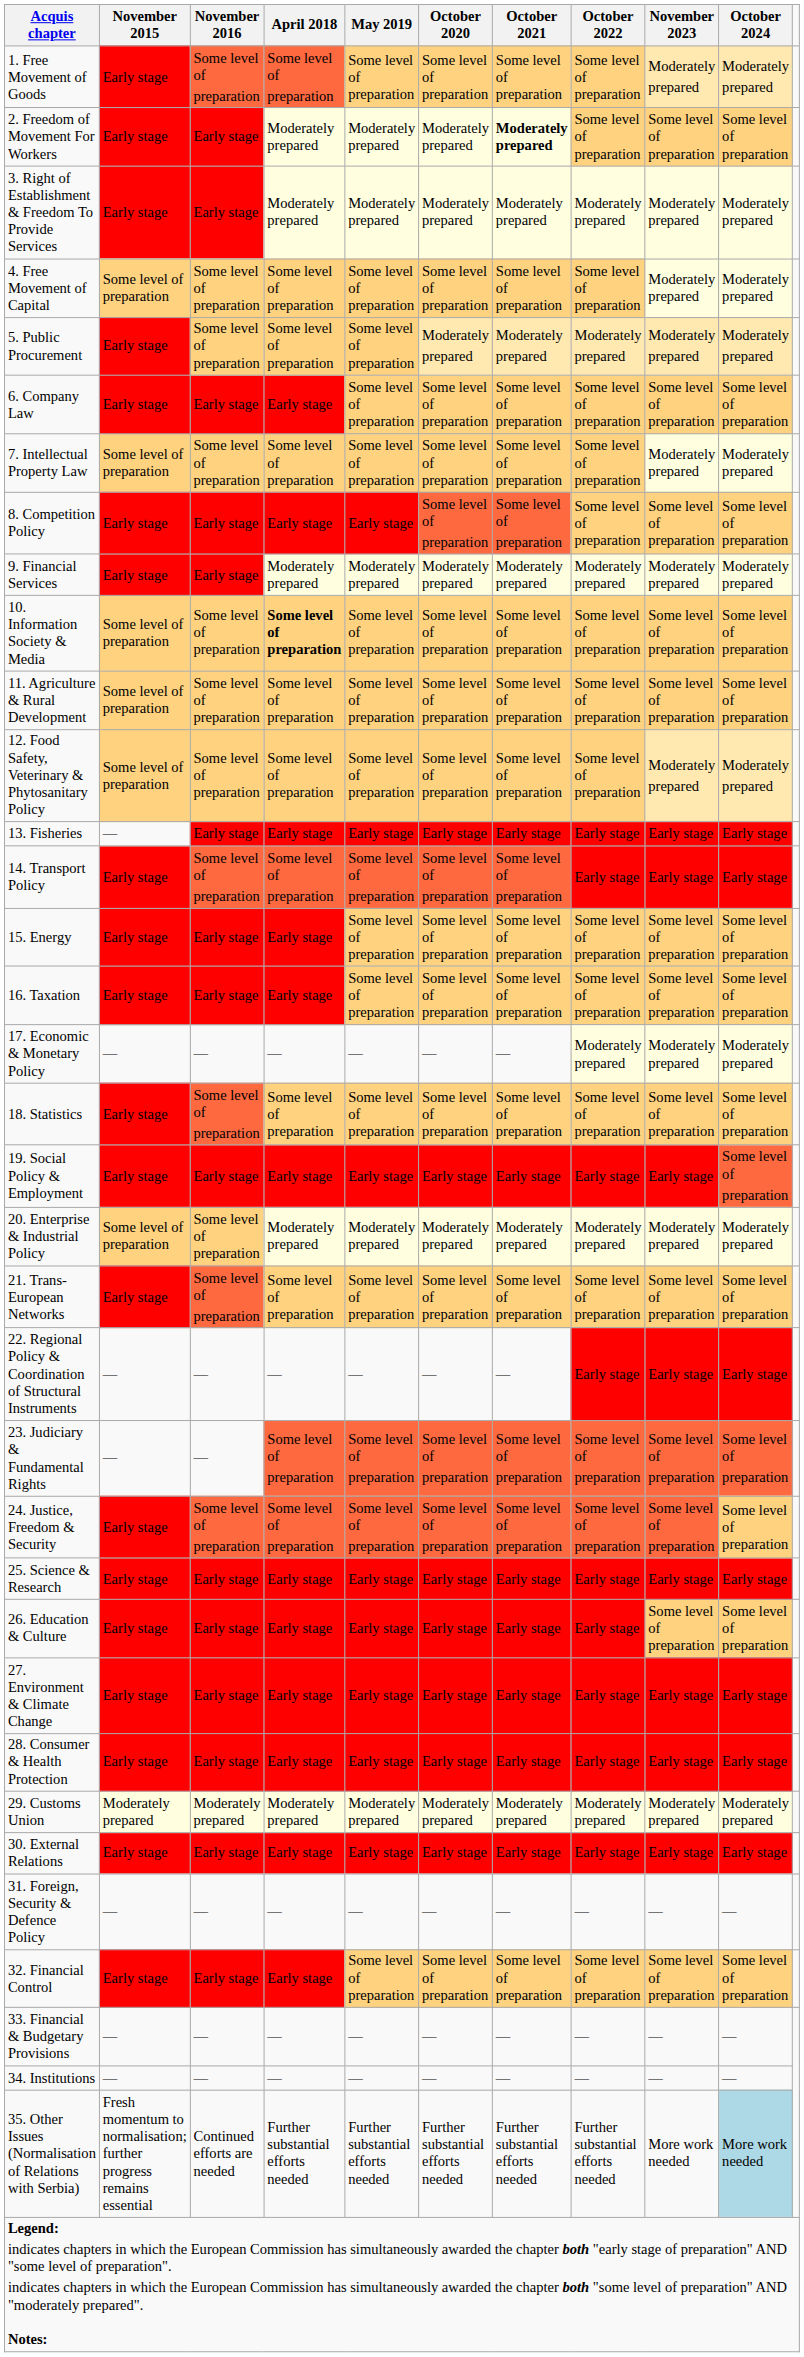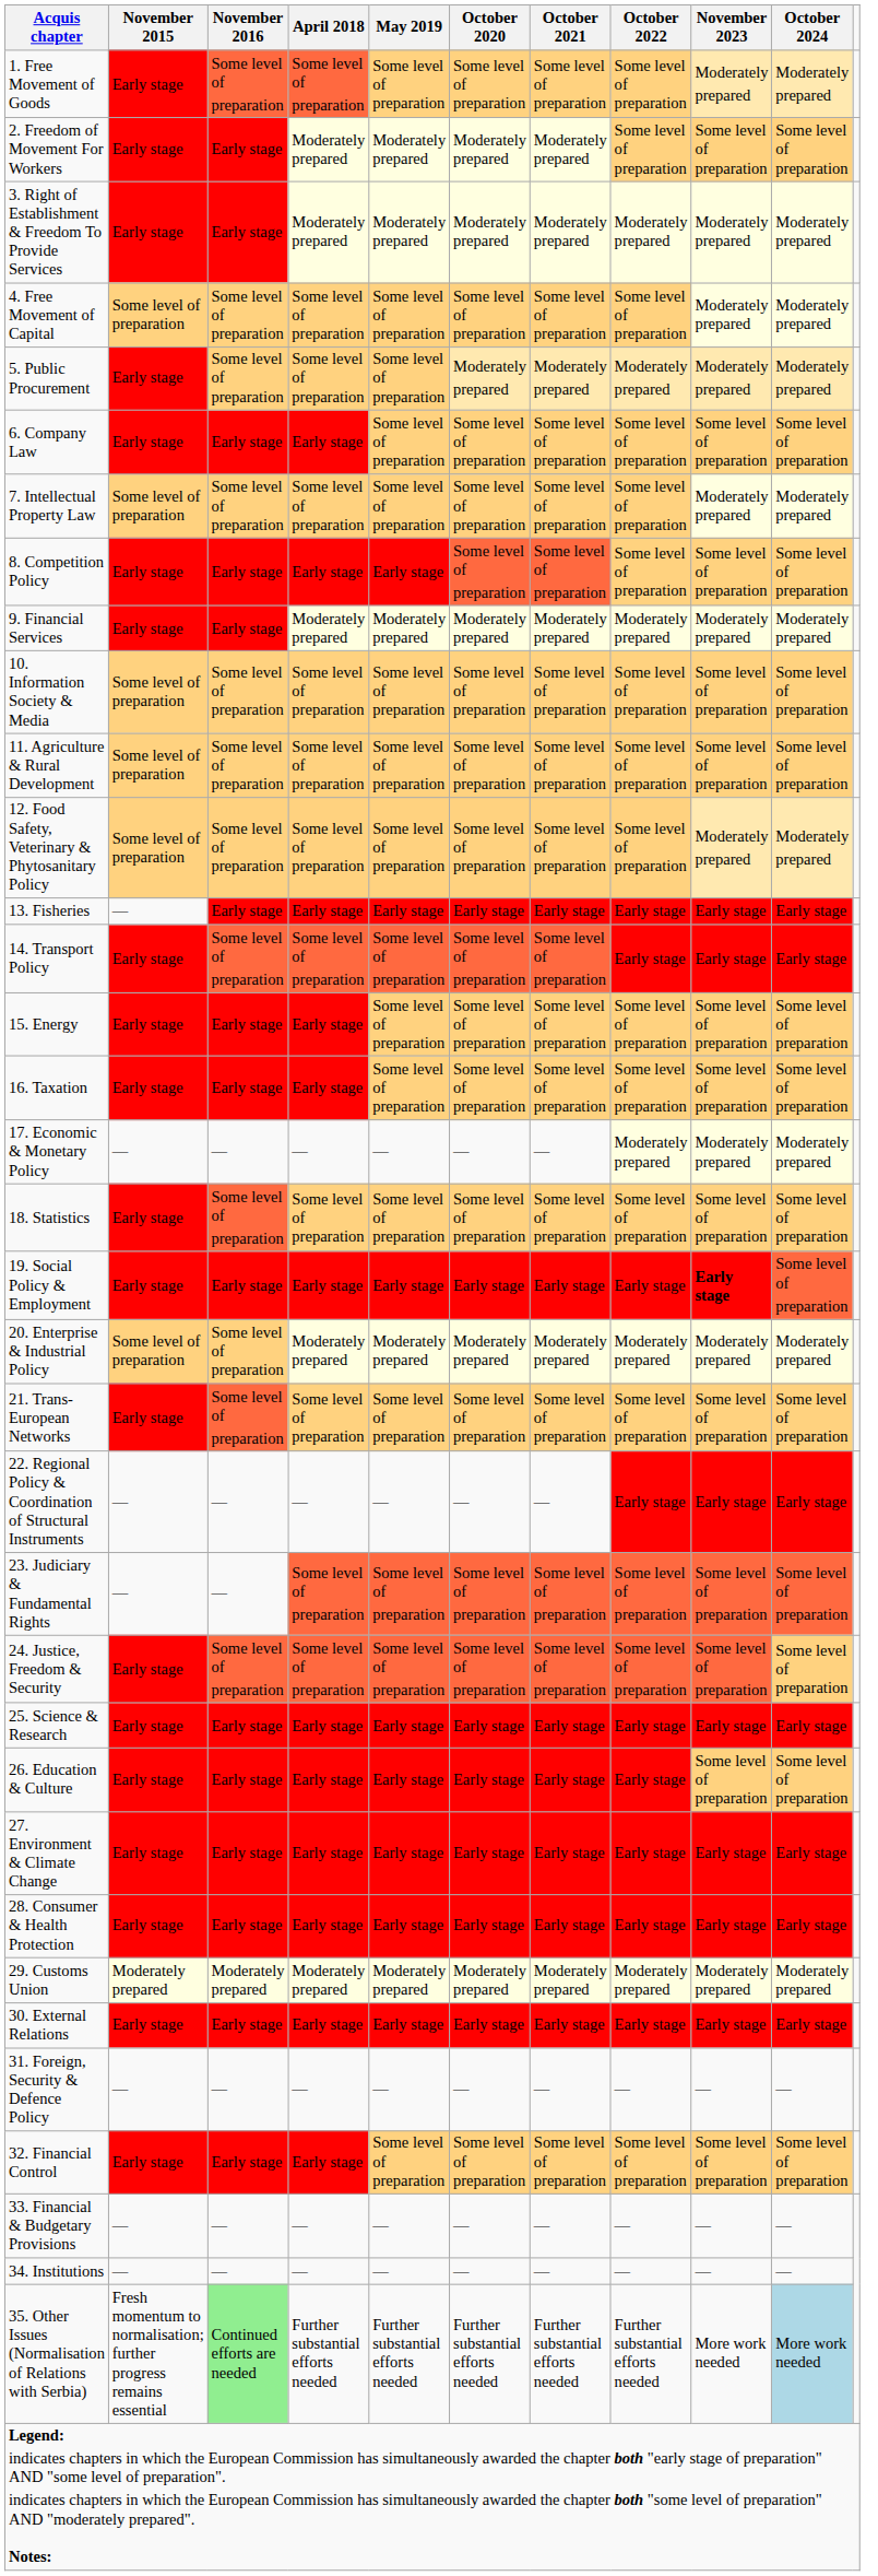 <table class="wikitable mw-collapsible mw-collapsed" style="text-align:left; font-size: 0.9em;">
 <tr>
 <th><a href='#'>Acquis chapter</a></th>
 <th>November 2015</th>
 <th>November 2016</th>
 <th>April 2018</th>
 <th>May 2019</th>
 <th>October 2020</th>
 <th>October 2021</th>
 <th>October 2022</th>
 <th>November 2023</th>
 <th>October 2024</th>
 </tr>
 <tr>
 <td style="text-align:left;">1. Free Movement of Goods</td>
 <td style="background:#f00;">Early stage</td>
 <td style="background:#FF6940">Some level of preparation<sup></sup></td>
 <td style="background:#FF6940">Some level of preparation<sup></sup></td>
 <td style="background:#FFD27F">Some level of preparation</td>
 <td style="background:#FFD27F">Some level of preparation</td>
 <td style="background:#FFD27F">Some level of preparation</td>
 <td style="background:#FFD27F">Some level of preparation</td>
 <td style="background:#FFE9B0;">Moderately prepared<sup></sup></td>
 <td style="background:#FFE9B0;">Moderately prepared<sup></sup></td>
 <td></td>
 </tr>
 <tr>
 <td style="text-align:left;">2. Freedom of Movement For Workers</td>
 <td style="background:#f00;">Early stage</td>
 <td style="background:#f00;">Early stage</td>
 <td style="background:#FFFFE0;">Moderately prepared</td>
 <td style="background:#FFFFE0;">Moderately prepared</td>
 <td style="background:#FFFFE0;">Moderately prepared</td>
-<td style="background:#FFFFE0;"><strong>Moderately prepared</strong></td>
+<td style="background:#FFFFE0;">Moderately prepared</td>
 <td style="background:#FFD27F">Some level of preparation</td>
 <td style="background:#FFD27F">Some level of preparation</td>
 <td style="background:#FFD27F">Some level of preparation</td>
 <td></td>
 </tr>
 <tr>
 <td style="text-align:left;">3. Right of Establishment & Freedom To Provide Services</td>
 <td style="background:#f00;">Early stage</td>
 <td style="background:#f00;">Early stage</td>
 <td style="background:#FFFFE0;">Moderately prepared</td>
 <td style="background:#FFFFE0;">Moderately prepared</td>
 <td style="background:#FFFFE0;">Moderately prepared</td>
 <td style="background:#FFFFE0;">Moderately prepared</td>
 <td style="background:#FFFFE0;">Moderately prepared</td>
 <td style="background:#FFFFE0;">Moderately prepared</td>
 <td style="background:#FFFFE0;">Moderately prepared</td>
 <td></td>
 </tr>
 <tr>
 <td style="text-align:left;">4. Free Movement of Capital</td>
 <td style="background:#FFD27F">Some level of preparation</td>
 <td style="background:#FFD27F">Some level of preparation</td>
 <td style="background:#FFD27F">Some level of preparation</td>
 <td style="background:#FFD27F">Some level of preparation</td>
 <td style="background:#FFD27F">Some level of preparation</td>
 <td style="background:#FFD27F">Some level of preparation</td>
 <td style="background:#FFD27F">Some level of preparation</td>
 <td style="background:#FFFFE0;">Moderately prepared</td>
 <td style="background:#FFFFE0;">Moderately prepared</td>
 <td></td>
 </tr>
 <tr>
 <td style="text-align:left;">5. Public Procurement</td>
 <td style="background:#f00;">Early stage</td>
 <td style="background:#FFD27F">Some level of preparation</td>
 <td style="background:#FFD27F">Some level of preparation</td>
 <td style="background:#FFD27F">Some level of preparation</td>
 <td style="background:#FFE9B0;">Moderately prepared<sup></sup></td>
 <td style="background:#FFE9B0;">Moderately prepared<sup></sup></td>
 <td style="background:#FFE9B0;">Moderately prepared<sup></sup></td>
 <td style="background:#FFE9B0;">Moderately prepared<sup></sup></td>
 <td style="background:#FFE9B0;">Moderately prepared<sup></sup></td>
 <td></td>
 </tr>
 <tr>
 <td style="text-align:left;">6. Company Law</td>
 <td style="background:#f00;">Early stage</td>
 <td style="background:#f00;">Early stage</td>
 <td style="background:#f00;">Early stage</td>
 <td style="background:#FFD27F">Some level of preparation</td>
 <td style="background:#FFD27F">Some level of preparation</td>
 <td style="background:#FFD27F">Some level of preparation</td>
 <td style="background:#FFD27F">Some level of preparation</td>
 <td style="background:#FFD27F">Some level of preparation</td>
 <td style="background:#FFD27F">Some level of preparation</td>
 <td></td>
 </tr>
 <tr>
 <td style="text-align:left;">7. Intellectual Property Law</td>
 <td style="background:#FFD27F">Some level of preparation</td>
 <td style="background:#FFD27F">Some level of preparation</td>
 <td style="background:#FFD27F">Some level of preparation</td>
 <td style="background:#FFD27F">Some level of preparation</td>
 <td style="background:#FFD27F">Some level of preparation</td>
 <td style="background:#FFD27F">Some level of preparation</td>
 <td style="background:#FFD27F">Some level of preparation</td>
 <td style="background:#FFFFE0;">Moderately prepared</td>
 <td style="background:#FFFFE0;">Moderately prepared</td>
 <td></td>
 </tr>
 <tr>
 <td style="text-align:left;">8. Competition Policy</td>
 <td style="background:#f00;">Early stage</td>
 <td style="background:#f00;">Early stage</td>
 <td style="background:#f00;">Early stage</td>
 <td style="background:#f00;">Early stage</td>
 <td style="background:#FF6940">Some level of preparation<sup></sup></td>
 <td style="background:#FF6940">Some level of preparation<sup></sup></td>
 <td style="background:#FFD27F">Some level of preparation</td>
 <td style="background:#FFD27F">Some level of preparation</td>
 <td style="background:#FFD27F">Some level of preparation</td>
 <td></td>
 </tr>
 <tr>
 <td style="text-align:left;">9. Financial Services</td>
 <td style="background:#f00;">Early stage</td>
 <td style="background:#f00;">Early stage</td>
 <td style="background:#FFFFE0;">Moderately prepared</td>
 <td style="background:#FFFFE0;">Moderately prepared</td>
 <td style="background:#FFFFE0;">Moderately prepared</td>
 <td style="background:#FFFFE0;">Moderately prepared</td>
 <td style="background:#FFFFE0;">Moderately prepared</td>
 <td style="background:#FFFFE0;">Moderately prepared</td>
 <td style="background:#FFFFE0;">Moderately prepared</td>
 <td></td>
 </tr>
 <tr>
 <td style="text-align:left;">10. Information Society & Media</td>
 <td style="background:#FFD27F">Some level of preparation</td>
 <td style="background:#FFD27F">Some level of preparation</td>
-<td style="background:#FFD27F"><strong>Some level of preparation</strong></td>
+<td style="background:#FFD27F">Some level of preparation</td>
 <td style="background:#FFD27F">Some level of preparation</td>
 <td style="background:#FFD27F">Some level of preparation</td>
 <td style="background:#FFD27F">Some level of preparation</td>
 <td style="background:#FFD27F">Some level of preparation</td>
 <td style="background:#FFD27F">Some level of preparation</td>
 <td style="background:#FFD27F">Some level of preparation</td>
 <td></td>
 </tr>
 <tr>
 <td style="text-align:left;">11. Agriculture & Rural Development</td>
 <td style="background:#FFD27F">Some level of preparation</td>
 <td style="background:#FFD27F">Some level of preparation</td>
 <td style="background:#FFD27F">Some level of preparation</td>
 <td style="background:#FFD27F">Some level of preparation</td>
 <td style="background:#FFD27F">Some level of preparation</td>
 <td style="background:#FFD27F">Some level of preparation</td>
 <td style="background:#FFD27F">Some level of preparation</td>
 <td style="background:#FFD27F">Some level of preparation</td>
 <td style="background:#FFD27F">Some level of preparation</td>
 <td></td>
 </tr>
 <tr>
 <td style="text-align:left;">12. Food Safety, Veterinary & Phytosanitary Policy</td>
 <td style="background:#FFD27F">Some level of preparation</td>
 <td style="background:#FFD27F">Some level of preparation</td>
 <td style="background:#FFD27F">Some level of preparation</td>
 <td style="background:#FFD27F">Some level of preparation</td>
 <td style="background:#FFD27F">Some level of preparation</td>
 <td style="background:#FFD27F">Some level of preparation</td>
 <td style="background:#FFD27F">Some level of preparation</td>
 <td style="background:#FFE9B0;">Moderately prepared<sup></sup></td>
 <td style="background:#FFE9B0;">Moderately prepared<sup></sup></td>
 <td></td>
 </tr>
 <tr>
 <td style="text-align:left;">13. Fisheries</td>
 <td>—</td>
 <td style="background:#f00;">Early stage</td>
 <td style="background:#f00;">Early stage</td>
 <td style="background:#f00;">Early stage</td>
 <td style="background:#f00;">Early stage</td>
 <td style="background:#f00;">Early stage</td>
 <td style="background:#f00;">Early stage</td>
 <td style="background:#f00;">Early stage</td>
 <td style="background:#f00;">Early stage</td>
 <td></td>
 </tr>
 <tr>
 <td style="text-align:left;">14. Transport Policy</td>
 <td style="background:#f00;">Early stage</td>
 <td style="background:#FF6940">Some level of preparation<sup></sup></td>
 <td style="background:#FF6940">Some level of preparation<sup></sup></td>
 <td style="background:#FF6940">Some level of preparation<sup></sup></td>
 <td style="background:#FF6940">Some level of preparation<sup></sup></td>
 <td style="background:#FF6940">Some level of preparation<sup></sup></td>
 <td style="background:#f00;">Early stage</td>
 <td style="background:#f00;">Early stage</td>
 <td style="background:#f00;">Early stage</td>
 <td></td>
 </tr>
 <tr>
 <td style="text-align:left;">15. Energy</td>
 <td style="background:#f00;">Early stage</td>
 <td style="background:#f00;">Early stage</td>
 <td style="background:#f00;">Early stage</td>
 <td style="background:#FFD27F">Some level of preparation</td>
 <td style="background:#FFD27F">Some level of preparation</td>
 <td style="background:#FFD27F">Some level of preparation</td>
 <td style="background:#FFD27F">Some level of preparation</td>
 <td style="background:#FFD27F">Some level of preparation</td>
 <td style="background:#FFD27F">Some level of preparation</td>
 <td></td>
 </tr>
 <tr>
 <td style="text-align:left;">16. Taxation</td>
 <td style="background:#f00;">Early stage</td>
 <td style="background:#f00;">Early stage</td>
 <td style="background:#f00;">Early stage</td>
 <td style="background:#FFD27F">Some level of preparation</td>
 <td style="background:#FFD27F">Some level of preparation</td>
 <td style="background:#FFD27F">Some level of preparation</td>
 <td style="background:#FFD27F">Some level of preparation</td>
 <td style="background:#FFD27F">Some level of preparation</td>
 <td style="background:#FFD27F">Some level of preparation</td>
 <td></td>
 </tr>
 <tr>
 <td style="text-align:left;">17. Economic & Monetary Policy</td>
 <td>—</td>
 <td>—</td>
 <td>—</td>
 <td>—</td>
 <td>—</td>
 <td>—</td>
 <td style="background:#FFFFE0;">Moderately prepared</td>
 <td style="background:#FFFFE0;">Moderately prepared</td>
 <td style="background:#FFFFE0;">Moderately prepared</td>
 <td></td>
 </tr>
 <tr>
 <td style="text-align:left;">18. Statistics</td>
 <td style="background:#f00;">Early stage</td>
 <td style="background:#FF6940">Some level of preparation<sup></sup></td>
 <td style="background:#FFD27F">Some level of preparation</td>
 <td style="background:#FFD27F">Some level of preparation</td>
 <td style="background:#FFD27F">Some level of preparation</td>
 <td style="background:#FFD27F">Some level of preparation</td>
 <td style="background:#FFD27F">Some level of preparation</td>
 <td style="background:#FFD27F">Some level of preparation</td>
 <td style="background:#FFD27F">Some level of preparation</td>
 <td></td>
 </tr>
 <tr>
 <td style="text-align:left;">19. Social Policy & Employment</td>
 <td style="background:#f00;">Early stage</td>
 <td style="background:#f00;">Early stage</td>
 <td style="background:#f00;">Early stage</td>
 <td style="background:#f00;">Early stage</td>
 <td style="background:#f00;">Early stage</td>
 <td style="background:#f00;">Early stage</td>
 <td style="background:#f00;">Early stage</td>
-<td style="background:#f00;">Early stage</td>
+<td style="background:#f00;"><strong>Early stage</strong></td>
 <td style="background:#FF6940;">Some level of preparation<sup></sup></td>
 <td></td>
 </tr>
 <tr>
 <td style="text-align:left;">20. Enterprise & Industrial Policy</td>
 <td style="background:#FFD27F">Some level of preparation</td>
 <td style="background:#FFD27F">Some level of preparation</td>
 <td style="background:#FFFFE0;">Moderately prepared</td>
 <td style="background:#FFFFE0;">Moderately prepared</td>
 <td style="background:#FFFFE0;">Moderately prepared</td>
 <td style="background:#FFFFE0;">Moderately prepared</td>
 <td style="background:#FFFFE0;">Moderately prepared</td>
 <td style="background:#FFFFE0;">Moderately prepared</td>
 <td style="background:#FFFFE0;">Moderately prepared</td>
 <td></td>
 </tr>
 <tr>
 <td style="text-align:left;">21. Trans-European Networks</td>
 <td style="background:#f00;">Early stage</td>
 <td style="background:#FF6940">Some level of preparation<sup></sup></td>
 <td style="background:#FFD27F">Some level of preparation</td>
 <td style="background:#FFD27F">Some level of preparation</td>
 <td style="background:#FFD27F">Some level of preparation</td>
 <td style="background:#FFD27F">Some level of preparation</td>
 <td style="background:#FFD27F">Some level of preparation</td>
 <td style="background:#FFD27F">Some level of preparation</td>
 <td style="background:#FFD27F">Some level of preparation</td>
 <td></td>
 </tr>
 <tr>
 <td style="text-align:left;">22. Regional Policy & Coordination of Structural Instruments</td>
 <td>—</td>
 <td>—</td>
 <td>—</td>
 <td>—</td>
 <td>—</td>
 <td>—</td>
 <td style="background:#f00;">Early stage</td>
 <td style="background:#f00;">Early stage</td>
 <td style="background:#f00;">Early stage</td>
 <td></td>
 </tr>
 <tr>
 <td style="text-align:left;">23. Judiciary & Fundamental Rights</td>
 <td>—</td>
 <td>—</td>
 <td style="background:#FF6940">Some level of preparation<sup></sup></td>
 <td style="background:#FF6940">Some level of preparation<sup></sup></td>
 <td style="background:#FF6940">Some level of preparation<sup></sup></td>
 <td style="background:#FF6940">Some level of preparation<sup></sup></td>
 <td style="background:#FF6940">Some level of preparation<sup></sup></td>
 <td style="background:#FF6940">Some level of preparation<sup></sup></td>
 <td style="background:#FF6940">Some level of preparation<sup></sup></td>
 <td></td>
 </tr>
 <tr>
 <td style="text-align:left;">24. Justice, Freedom & Security</td>
 <td style="background:#f00;">Early stage</td>
 <td style="background:#FF6940">Some level of preparation<sup></sup></td>
 <td style="background:#FF6940">Some level of preparation<sup></sup></td>
 <td style="background:#FF6940">Some level of preparation<sup></sup></td>
 <td style="background:#FF6940">Some level of preparation<sup></sup></td>
 <td style="background:#FF6940">Some level of preparation<sup></sup></td>
 <td style="background:#FF6940">Some level of preparation<sup></sup></td>
 <td style="background:#FF6940">Some level of preparation<sup></sup></td>
 <td style="background:#FFD27F">Some level of preparation</td>
 <td></td>
 </tr>
 <tr>
 <td style="text-align:left;">25. Science & Research</td>
 <td style="background:#f00;">Early stage</td>
 <td style="background:#f00;">Early stage</td>
 <td style="background:#f00;">Early stage</td>
 <td style="background:#f00;">Early stage</td>
 <td style="background:#f00;">Early stage</td>
 <td style="background:#f00;">Early stage</td>
 <td style="background:#f00;">Early stage</td>
 <td style="background:#f00;">Early stage</td>
 <td style="background:#f00;">Early stage</td>
 <td></td>
 </tr>
 <tr>
 <td style="text-align:left;">26. Education & Culture</td>
 <td style="background:#f00;">Early stage</td>
 <td style="background:#f00;">Early stage</td>
 <td style="background:#f00;">Early stage</td>
 <td style="background:#f00;">Early stage</td>
 <td style="background:#f00;">Early stage</td>
 <td style="background:#f00;">Early stage</td>
 <td style="background:#f00;">Early stage</td>
 <td style="background:#FFD27F">Some level of preparation</td>
 <td style="background:#FFD27F">Some level of preparation</td>
 <td></td>
 </tr>
 <tr>
 <td style="text-align:left;">27. Environment & Climate Change</td>
 <td style="background:#f00;">Early stage</td>
 <td style="background:#f00;">Early stage</td>
 <td style="background:#f00;">Early stage</td>
 <td style="background:#f00;">Early stage</td>
 <td style="background:#f00;">Early stage</td>
 <td style="background:#f00;">Early stage</td>
 <td style="background:#f00;">Early stage</td>
 <td style="background:#f00;">Early stage</td>
 <td style="background:#f00;">Early stage</td>
 <td></td>
 </tr>
 <tr>
 <td style="text-align:left;">28. Consumer & Health Protection</td>
 <td style="background:#f00;">Early stage</td>
 <td style="background:#f00;">Early stage</td>
 <td style="background:#f00;">Early stage</td>
 <td style="background:#f00;">Early stage</td>
 <td style="background:#f00;">Early stage</td>
 <td style="background:#f00;">Early stage</td>
 <td style="background:#f00;">Early stage</td>
 <td style="background:#f00;">Early stage</td>
 <td style="background:#f00;">Early stage</td>
 <td></td>
 </tr>
 <tr>
 <td style="text-align:left;">29. Customs Union</td>
 <td style="background:#FFFFE0;">Moderately prepared</td>
 <td style="background:#FFFFE0;">Moderately prepared</td>
 <td style="background:#FFFFE0;">Moderately prepared</td>
 <td style="background:#FFFFE0;">Moderately prepared</td>
 <td style="background:#FFFFE0;">Moderately prepared</td>
 <td style="background:#FFFFE0;">Moderately prepared</td>
 <td style="background:#FFFFE0;">Moderately prepared</td>
 <td style="background:#FFFFE0;">Moderately prepared</td>
 <td style="background:#FFFFE0;">Moderately prepared</td>
 <td></td>
 </tr>
 <tr>
 <td style="text-align:left;">30. External Relations</td>
 <td style="background:#f00;">Early stage</td>
 <td style="background:#f00;">Early stage</td>
 <td style="background:#f00;">Early stage</td>
 <td style="background:#f00;">Early stage</td>
 <td style="background:#f00;">Early stage</td>
 <td style="background:#f00;">Early stage</td>
 <td style="background:#f00;">Early stage</td>
 <td style="background:#f00;">Early stage</td>
 <td style="background:#f00;">Early stage</td>
 <td></td>
 </tr>
 <tr>
 <td style="text-align:left;">31. Foreign, Security & Defence Policy</td>
 <td>—</td>
 <td>—</td>
 <td>—</td>
 <td>—</td>
 <td>—</td>
 <td>—</td>
 <td>—</td>
 <td>—</td>
 <td>—</td>
 </tr>
 <tr>
 <td style="text-align:left;">32. Financial Control</td>
 <td style="background:#f00;">Early stage</td>
 <td style="background:#f00;">Early stage</td>
 <td style="background:#f00;">Early stage</td>
 <td style="background:#FFD27F">Some level of preparation</td>
 <td style="background:#FFD27F">Some level of preparation</td>
 <td style="background:#FFD27F">Some level of preparation</td>
 <td style="background:#FFD27F">Some level of preparation</td>
 <td style="background:#FFD27F">Some level of preparation</td>
 <td style="background:#FFD27F">Some level of preparation</td>
 <td></td>
 </tr>
 <tr>
 <td style="text-align:left;">33. Financial & Budgetary Provisions</td>
 <td>—</td>
 <td>—</td>
 <td>—</td>
 <td>—</td>
 <td>—</td>
 <td>—</td>
 <td>—</td>
 <td>—</td>
 <td>—</td>
 </tr>
 <tr>
 <td style="text-align:left;">34. Institutions</td>
 <td>—</td>
 <td>—</td>
 <td>—</td>
 <td>—</td>
 <td>—</td>
 <td>—</td>
 <td>—</td>
 <td>—</td>
 <td>—</td>
 </tr>
 <tr>
 <td style="text-align:left;">35. Other Issues (Normalisation of Relations with Serbia)</td>
 <td>Fresh momentum to normalisation; further progress remains essential</td>
-<td>Continued efforts are needed</td>
+<td style="background: lightgreen;">Continued efforts are needed</td>
 <td>Further substantial efforts needed</td>
 <td>Further substantial efforts needed</td>
 <td>Further substantial efforts needed</td>
 <td>Further substantial efforts needed</td>
 <td>Further substantial efforts needed</td>
 <td>More work needed</td>
 <td style="background: lightblue;">More work needed</td>
 </tr>
 <tr>
 <td colspan="12"><strong>Legend:</strong><br><sup></sup> indicates chapters in which the European Commission has simultaneously awarded the chapter <strong><em>both</em></strong> "early stage of preparation" AND "some level of preparation".<br><sup></sup> indicates chapters in which the European Commission has simultaneously awarded the chapter <strong><em>both</em></strong> "some level of preparation" AND "moderately prepared".<br>        <br><strong>Notes:</strong> </td>
 </tr>
 </table>
